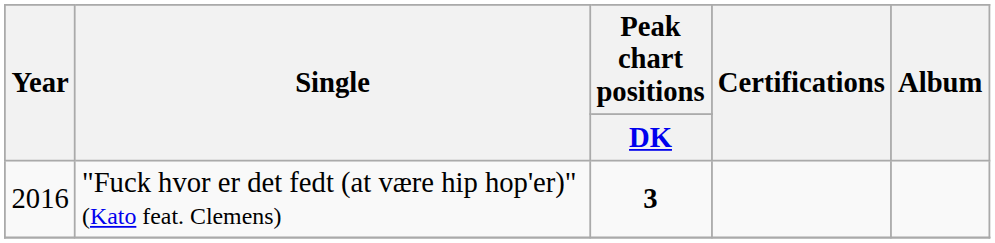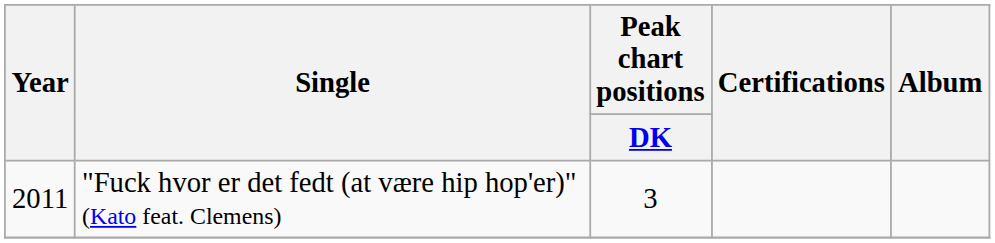 <table class="wikitable">
 <tr>
 <th rowspan="2" align="center">Year</th>
 <th rowspan="2" width="280" align="center">Single</th>
 <th colspan="1" align="center">Peak chart positions</th>
 <th rowspan="2" align="center" width=50>Certifications</th>
 <th rowspan="2" align="center">Album</th>
 </tr>
 <tr>
 <th style="width:3em;font-size:100%"><a href='#'>DK</a><br></th>
 </tr>
 <tr>
-<td rowspan="1" align="center">2016</td>
+<td rowspan="1" align="center">2011</td>
 <td>"Fuck hvor er det fedt (at være hip hop'er)" <br><small>(<a href='#'>Kato</a> feat. Clemens)</small></td>
-<td align="center"><strong>3</strong></td>
+<td align="center">3</td>
 <td></td>
 <td></td>
 </tr>
 <tr>
 </tr>
 </table>
